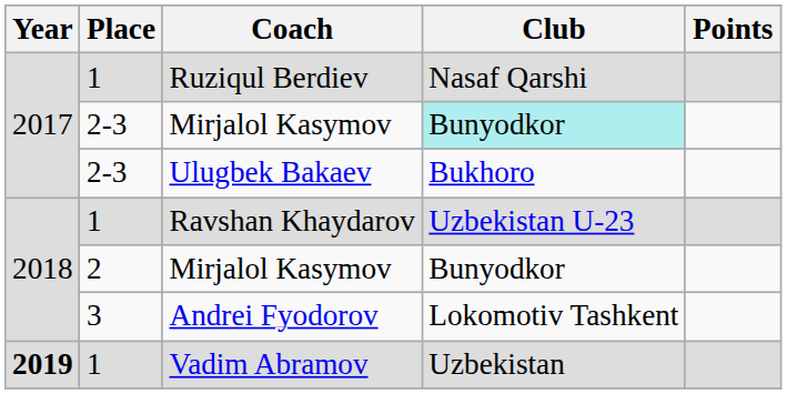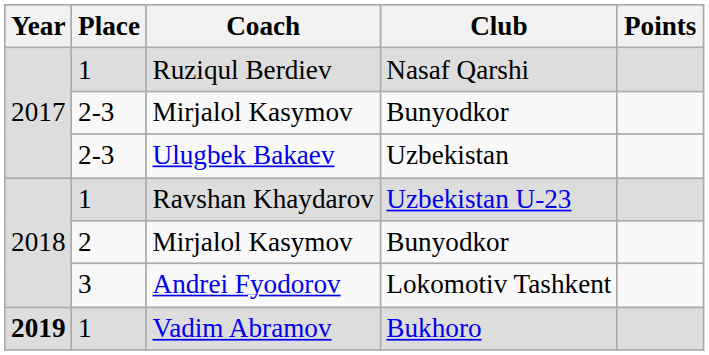 <table class="wikitable">
 <tr>
 <th>Year</th>
 <th>Place</th>
 <th>Coach</th>
 <th>Club</th>
 <th>Points</th>
 </tr>
 <tr bgcolor=#dddddd>
 <td rowspan="3">2017</td>
 <td>1</td>
 <td> Ruziqul Berdiev</td>
 <td>Nasaf Qarshi</td>
 <td></td>
 </tr>
 <tr>
 <td>2-3</td>
 <td> Mirjalol Kasymov</td>
-<td style="background: paleturquoise;">Bunyodkor</td>
+<td>Bunyodkor</td>
 <td></td>
 </tr>
 <tr>
 <td>2-3</td>
 <td> <a href='#'>Ulugbek Bakaev</a></td>
-<td><a href='#'>Bukhoro</a></td>
+<td>Uzbekistan</td>
 <td></td>
 </tr>
 <tr bgcolor=#dddddd>
 <td rowspan="3">2018</td>
 <td>1</td>
 <td> Ravshan Khaydarov</td>
 <td><a href='#'>Uzbekistan U-23</a></td>
 <td></td>
 </tr>
 <tr>
 <td>2</td>
 <td> Mirjalol Kasymov</td>
 <td>Bunyodkor</td>
 <td></td>
 </tr>
 <tr>
 <td>3</td>
 <td> <a href='#'>Andrei Fyodorov</a></td>
 <td>Lokomotiv Tashkent</td>
 <td></td>
 </tr>
 <tr bgcolor=#dddddd>
 <td rowspan="1"><strong>2019</strong></td>
 <td>1</td>
 <td> <a href='#'>Vadim Abramov</a></td>
-<td>Uzbekistan</td>
+<td><a href='#'>Bukhoro</a></td>
 <td></td>
 </tr>
 </table>
